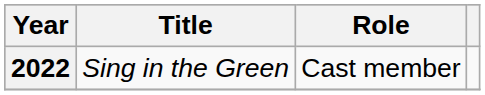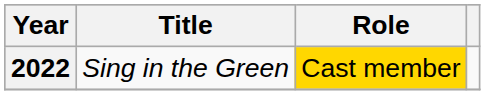 <table class="wikitable plainrowheaders">
 <tr>
 <th scope="col">Year</th>
 <th scope="col">Title</th>
 <th scope="col">Role</th>
 <th scope="col" class="unsortable"></th>
 </tr>
 <tr>
 <th scope="row">2022</th>
 <td><em>Sing in the Green</em></td>
-<td>Cast member</td>
+<td style="background: gold;">Cast member</td>
 <td style="text-align:center"></td>
 </tr>
 <tr>
 </tr>
 </table>
